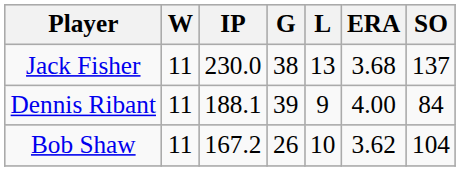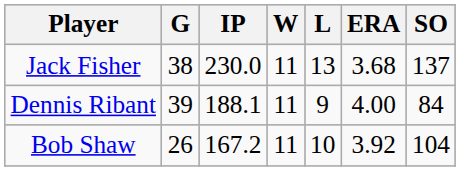 <table class="wikitable sortable">
 <tr>
 <th>Player</th>
+<th>G</th>
+<th>IP</th>
 <th>W</th>
-<th>IP</th>
-<th>G</th>
 <th>L</th>
 <th>ERA</th>
 <th>SO</th>
 </tr>
 <tr align="center">
 <td><a href='#'>Jack Fisher</a></td>
+<td>38</td>
+<td>230.0</td>
 <td>11</td>
-<td>230.0</td>
-<td>38</td>
 <td>13</td>
 <td>3.68</td>
 <td>137</td>
 </tr>
 <tr align="center">
 <td><a href='#'>Dennis Ribant</a></td>
+<td>39</td>
+<td>188.1</td>
 <td>11</td>
-<td>188.1</td>
-<td>39</td>
 <td>9</td>
 <td>4.00</td>
 <td>84</td>
 </tr>
 <tr align="center">
 <td><a href='#'>Bob Shaw</a></td>
+<td>26</td>
+<td>167.2</td>
 <td>11</td>
-<td>167.2</td>
-<td>26</td>
 <td>10</td>
-<td>3.62</td>
+<td>3.92</td>
 <td>104</td>
 </tr>
 </table>
